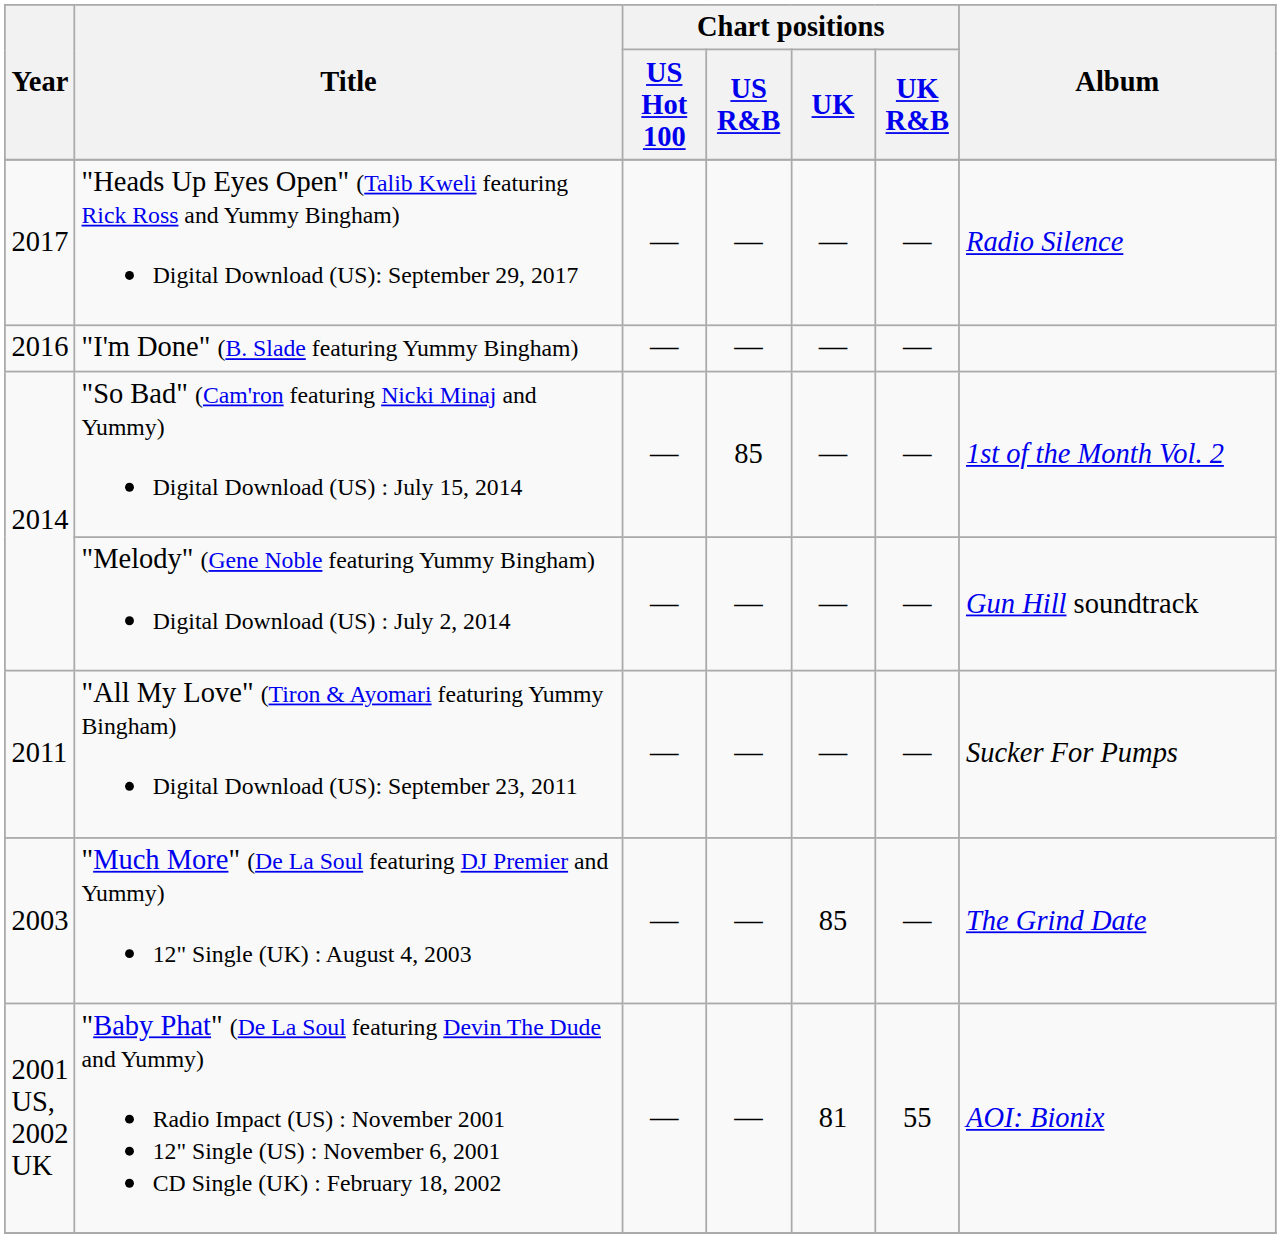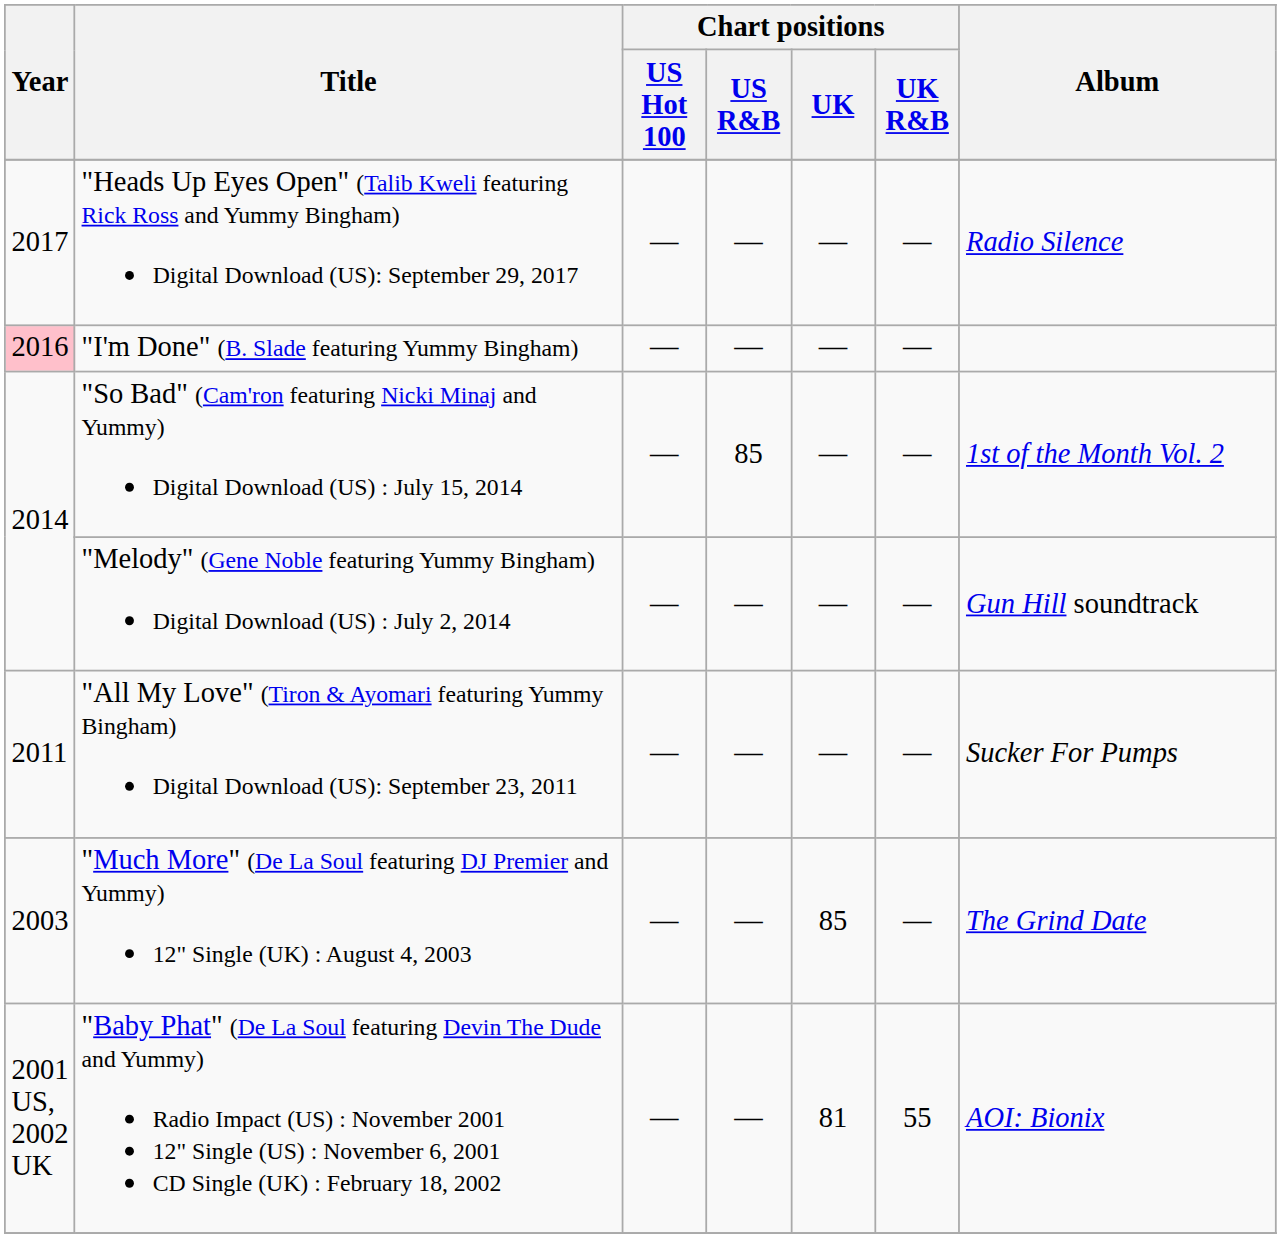 <table class="wikitable">
 <tr>
 <th width="28" rowspan="2">Year</th>
 <th width="300" rowspan="2">Title</th>
 <th colspan="4">Chart positions</th>
 <th width="170" rowspan="2">Album</th>
 </tr>
 <tr>
 <th width="40"><a href='#'>US Hot 100</a></th>
 <th width="40"><a href='#'>US R&B</a></th>
 <th width="40"><a href='#'>UK</a></th>
 <th width="40"><a href='#'>UK R&B</a></th>
 </tr>
 <tr>
 </tr>
 <tr>
 <td rowspan="1">2017</td>
 <td>"Heads Up Eyes Open" <small>(<a href='#'>Talib Kweli</a> featuring <a href='#'>Rick Ross</a> and Yummy Bingham)</small><br><ul><li><small>Digital Download (US): September 29, 2017</small></li></ul></td>
 <td align="center">—</td>
 <td align="center">—</td>
 <td align="center">—</td>
 <td align="center">—</td>
 <td align="left" rowspan="1"><em><a href='#'>Radio Silence</a></em></td>
 </tr>
 <tr>
-<td rowspan="1">2016</td>
+<td rowspan="1" style="background: pink;">2016</td>
 <td>"I'm Done" <small>(<a href='#'>B. Slade</a> featuring Yummy Bingham)</small></td>
 <td align="center">—</td>
 <td align="center">—</td>
 <td align="center">—</td>
 <td align="center">—</td>
 <td></td>
 </tr>
 <tr>
 <td rowspan="2">2014</td>
 <td>"So Bad" <small>(<a href='#'>Cam'ron</a> featuring <a href='#'>Nicki Minaj</a> and Yummy)</small><br><ul><li><small>Digital Download (US) : July 15, 2014</small></li></ul></td>
 <td align="center">—</td>
 <td align="center">85</td>
 <td align="center">—</td>
 <td align="center">—</td>
 <td align="left" rowspan="1"><em><a href='#'>1st of the Month Vol. 2</a></em></td>
 </tr>
 <tr>
 <td>"Melody" <small>(<a href='#'>Gene Noble</a> featuring Yummy Bingham)</small><br><ul><li><small>Digital Download (US) : July 2, 2014</small></li></ul></td>
 <td align="center">—</td>
 <td align="center">—</td>
 <td align="center">—</td>
 <td align="center">—</td>
 <td align="left" rowspan="1"><em><a href='#'>Gun Hill</a></em> soundtrack</td>
 </tr>
 <tr>
 <td rowspan="1">2011</td>
 <td>"All My Love" <small>(<a href='#'>Tiron & Ayomari</a> featuring Yummy Bingham)</small><br><ul><li><small>Digital Download (US): September 23, 2011</small></li></ul></td>
 <td align="center">—</td>
 <td align="center">—</td>
 <td align="center">—</td>
 <td align="center">—</td>
 <td align="left" rowspan="1"><em>Sucker For Pumps</em></td>
 </tr>
 <tr>
 <td rowspan="1">2003</td>
 <td>"<a href='#'>Much More</a>" <small>(<a href='#'>De La Soul</a> featuring <a href='#'>DJ Premier</a> and Yummy)</small><br><ul><li><small>12" Single (UK) : August 4, 2003</small></li></ul></td>
 <td align="center">—</td>
 <td align="center">—</td>
 <td align="center">85</td>
 <td align="center">—</td>
 <td align="left" rowspan="1"><em><a href='#'>The Grind Date</a></em></td>
 </tr>
 <tr>
 <td rowspan="1">2001 US, 2002 UK</td>
 <td>"<a href='#'>Baby Phat</a>" <small>(<a href='#'>De La Soul</a> featuring <a href='#'>Devin The Dude</a> and Yummy)</small><br><ul><li><small>Radio Impact (US) : November 2001</small></li><li><small>12" Single (US) : November 6, 2001</small></li><li><small>CD Single (UK) : February 18, 2002</small></li></ul></td>
 <td align="center">—</td>
 <td align="center">—</td>
 <td align="center">81</td>
 <td align="center">55</td>
 <td align="left" rowspan="1"><em><a href='#'>AOI: Bionix</a></em></td>
 </tr>
 <tr>
 </tr>
 </table>
